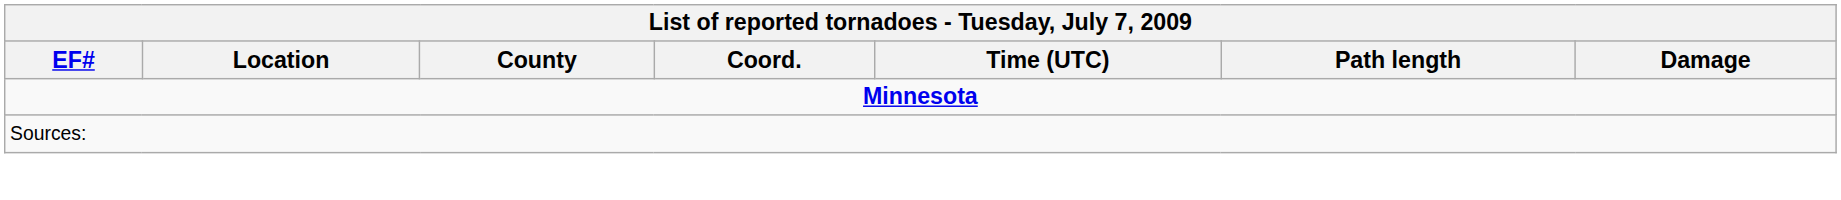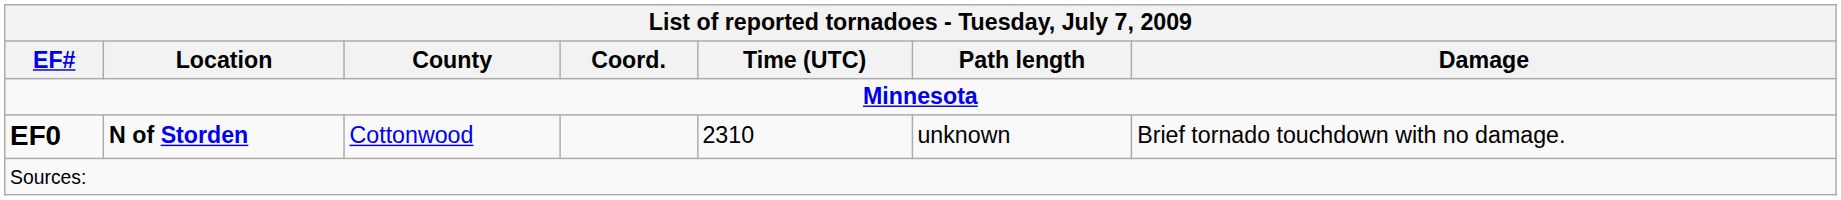 <table class="wikitable collapsible" style="width:100%;">
 <tr>
 <th colspan="7">List of reported tornadoes - Tuesday, July 7, 2009</th>
 </tr>
 <tr>
 <th><a href='#'>EF#</a></th>
 <th>Location</th>
 <th>County</th>
 <th>Coord.</th>
 <th>Time (UTC)</th>
 <th>Path length</th>
 <th>Damage</th>
 </tr>
 <tr>
 <td colspan="7" style="text-align:center;"><strong><a href='#'>Minnesota</a></strong></td>
 </tr>
 <tr>
+<td><big><strong>EF0</strong></big></td>
+<td><strong>N of <a href='#'>Storden</a></strong></td>
+<td><a href='#'>Cottonwood</a></td>
+<td></td>
+<td>2310</td>
+<td>unknown</td>
+<td>Brief tornado touchdown with no damage.</td>
+</tr>
+<tr>
 <td colspan="7"><small>Sources: </small></td>
 </tr>
 </table>
